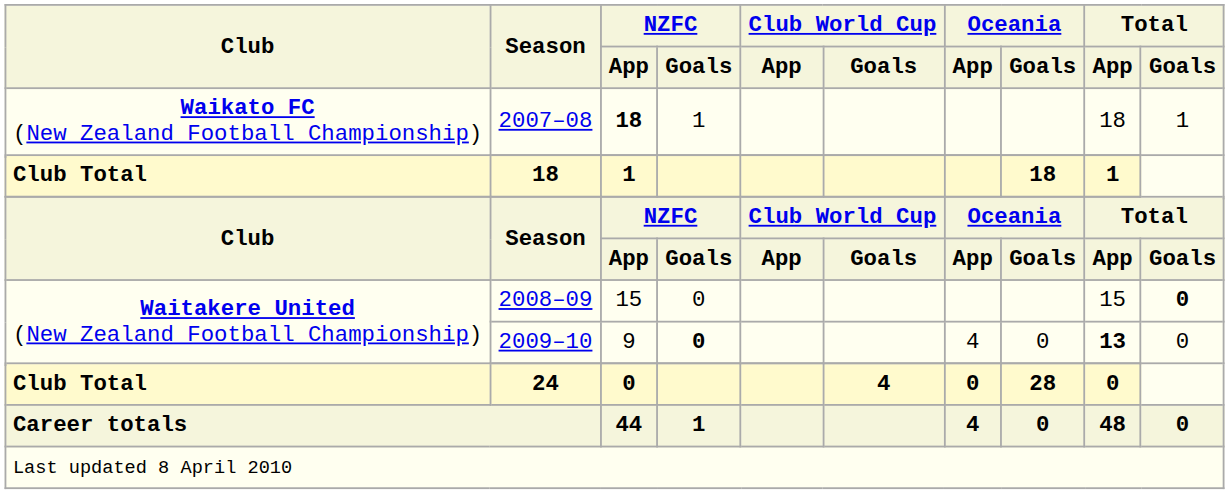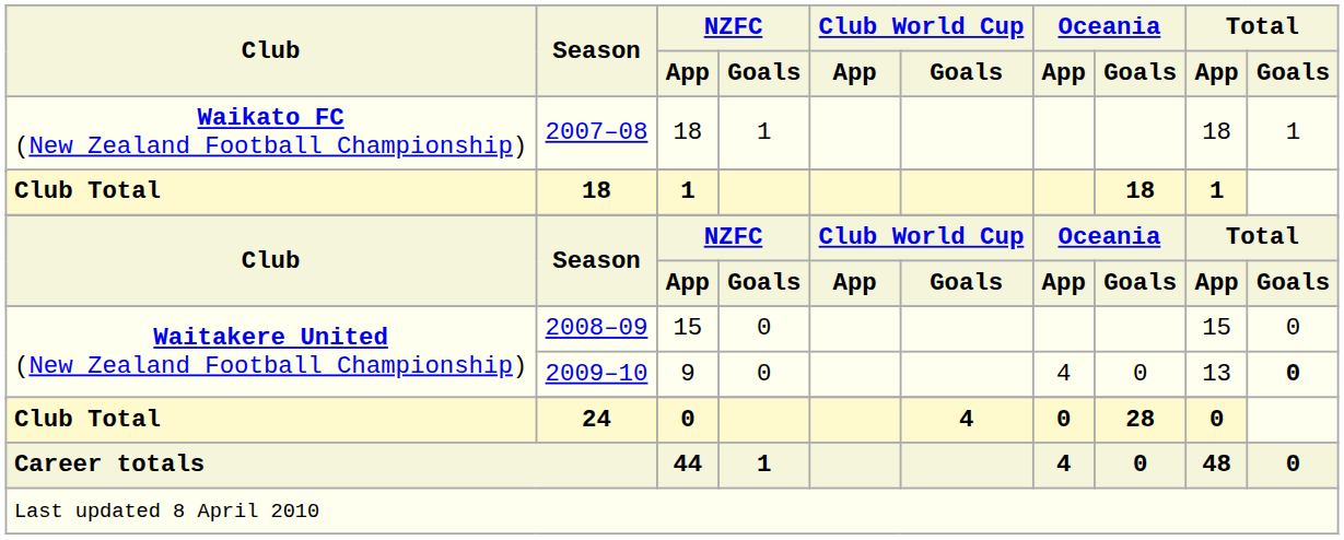 <table border=1 align=center cellpadding=4 cellspacing=2 style="background: ivory; font-size: 95%; border: 1px #aaaaaa solid; border-collapse: collapse; clear:center">
 <tr style="background:beige">
 <th rowspan="2">Club</th>
 <th rowspan="2">Season</th>
 <th colspan="2"><a href='#'>NZFC</a></th>
 <th colspan="2"><a href='#'>Club World Cup</a></th>
 <th colspan="2"><a href='#'>Oceania</a></th>
 <th colspan="2">Total</th>
 </tr>
 <tr style="background:beige">
 <th>App</th>
 <th>Goals</th>
 <th>App</th>
 <th>Goals</th>
 <th>App</th>
 <th>Goals</th>
 <th>App</th>
 <th>Goals</th>
 </tr>
 <tr>
 <td rowspan="2" align=center valign=center><strong><a href='#'>Waikato FC</a></strong><br>(<a href='#'>New Zealand Football Championship</a>)</td>
 <td align="center"><a href='#'>2007–08</a></td>
-<td align="center"><strong>18</strong></td>
+<td align="center">18</td>
 <td align="center">1</td>
 <td align="center"></td>
 <td align="center"></td>
 <td align="center"></td>
 <td align="center"></td>
 <td align="center">18</td>
 <td align="center">1</td>
 </tr>
 <tr>
 </tr>
 <tr style="background:lemonchiffon">
 <th colspan="1" align="left">Club Total</th>
 <th>18</th>
 <th>1</th>
 <th></th>
 <th></th>
 <th></th>
 <th></th>
 <th>18</th>
 <th>1</th>
 </tr>
 <tr>
 </tr>
 <tr style="background:beige">
 <th rowspan="2">Club</th>
 <th rowspan="2">Season</th>
 <th colspan="2"><a href='#'>NZFC</a></th>
 <th colspan="2"><a href='#'>Club World Cup</a></th>
 <th colspan="2"><a href='#'>Oceania</a></th>
 <th colspan="2">Total</th>
 </tr>
 <tr style="background:beige">
 <th>App</th>
 <th>Goals</th>
 <th>App</th>
 <th>Goals</th>
 <th>App</th>
 <th>Goals</th>
 <th>App</th>
 <th>Goals</th>
 </tr>
 <tr>
 <td rowspan="3" align=center valign=center><strong><a href='#'>Waitakere United</a></strong><br>(<a href='#'>New Zealand Football Championship</a>)</td>
 <td align="center"><a href='#'>2008–09</a></td>
 <td align="center">15</td>
 <td align="center">0</td>
 <td align="center"></td>
 <td align="center"></td>
 <td align="center"></td>
 <td align="center"></td>
 <td align="center">15</td>
-<td align="center"><strong>0</strong></td>
+<td align="center">0</td>
 </tr>
 <tr>
 <td align="center"><a href='#'>2009–10</a></td>
 <td align="center">9</td>
-<td align="center"><strong>0</strong></td>
+<td align="center">0</td>
 <td align="center"></td>
 <td align="center"></td>
 <td align="center">4</td>
 <td align="center">0</td>
-<td align="center"><strong>13</strong></td>
-<td align="center">0</td>
+<td align="center">13</td>
+<td align="center"><strong>0</strong></td>
 </tr>
 <tr>
 </tr>
 <tr style="background:lemonchiffon">
 <th colspan="1" align="left">Club Total</th>
 <th>24</th>
 <th>0</th>
 <th></th>
 <th></th>
 <th>4</th>
 <th>0</th>
 <th>28</th>
 <th>0</th>
 </tr>
 <tr>
 <th style="background:beige" colspan="2" align="left">Career totals</th>
 <th align=center style="background:beige">44</th>
 <th align=center style="background:beige">1</th>
 <th align=center style="background:beige"></th>
 <th align=center style="background:beige"></th>
 <th align=center style="background:beige">4</th>
 <th align=center style="background:beige">0</th>
 <th align=center style="background:beige">48</th>
 <th align=center style="background:beige">0</th>
 </tr>
 <tr>
 <td colspan="12"><small>Last updated 8 April 2010</small></td>
 </tr>
 </table>
